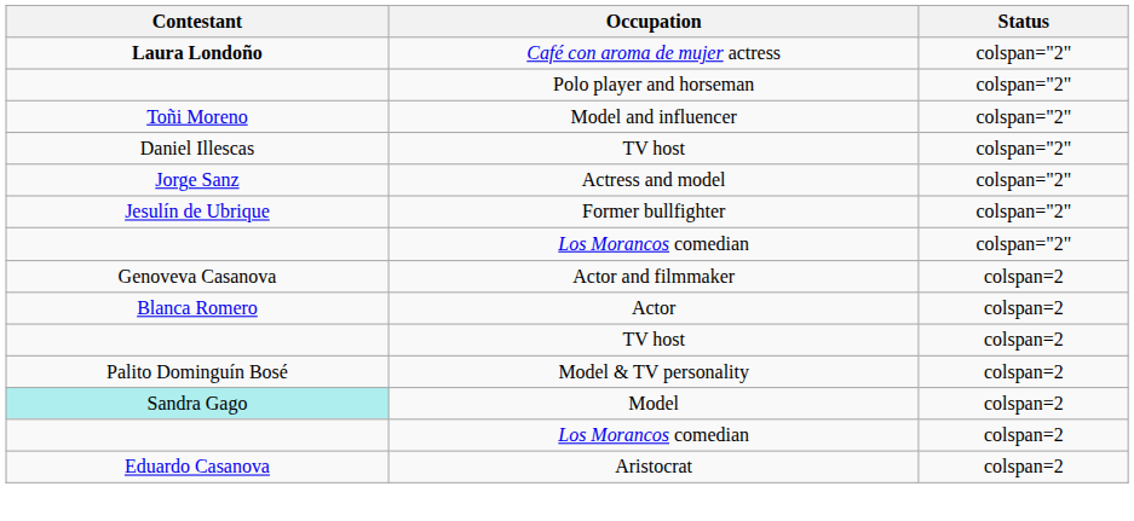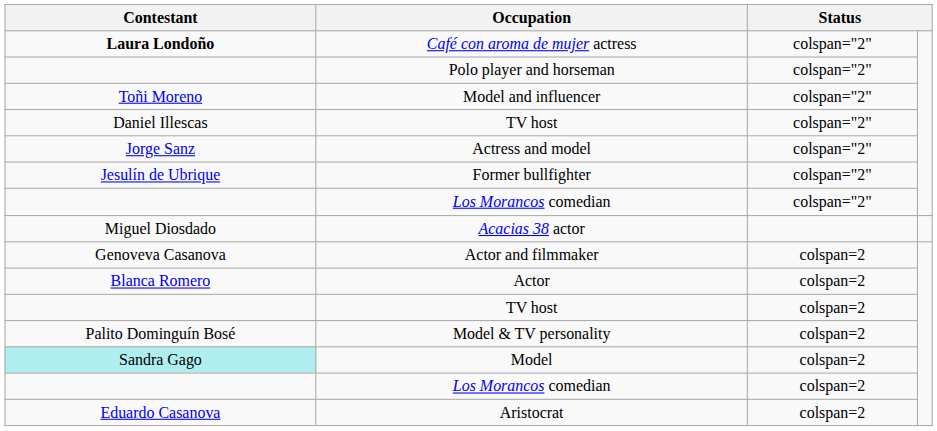 <table class="wikitable" style="margin:auto; text-align:center; width:70%; font-size:95%">
 <tr>
 <th>Contestant</th>
 <th>Occupation</th>
 <th colspan=2>Status</th>
 </tr>
 <tr>
 <td><strong>Laura Londoño</strong></td>
 <td><em><a href='#'>Café con aroma de mujer</a></em> actress</td>
 <td>colspan="2" </td>
 </tr>
 <tr>
 <td></td>
 <td>Polo player and horseman</td>
 <td>colspan="2" </td>
 </tr>
 <tr>
 <td><a href='#'>Toñi Moreno</a></td>
 <td>Model and influencer</td>
 <td>colspan="2" </td>
 </tr>
 <tr>
 <td>Daniel Illescas</td>
 <td>TV host</td>
 <td>colspan="2" </td>
 </tr>
 <tr>
 <td><a href='#'>Jorge Sanz</a></td>
 <td>Actress and model</td>
 <td>colspan="2" </td>
 </tr>
 <tr>
 <td><a href='#'>Jesulín de Ubrique</a></td>
 <td>Former bullfighter</td>
 <td>colspan="2" </td>
 </tr>
 <tr>
 <td></td>
 <td><em><a href='#'>Los Morancos</a></em> comedian</td>
 <td>colspan="2" </td>
 </tr>
 <tr>
+<td>Miguel Diosdado</td>
+<td><em><a href='#'>Acacias 38</a></em> actor</td>
+<td></td>
+<td></td>
+</tr>
+<tr>
 <td>Genoveva Casanova</td>
 <td>Actor and filmmaker</td>
 <td>colspan=2 </td>
 </tr>
 <tr>
 <td><a href='#'>Blanca Romero</a></td>
 <td>Actor</td>
 <td>colspan=2 </td>
 </tr>
 <tr>
 <td></td>
 <td>TV host</td>
 <td>colspan=2 </td>
 </tr>
 <tr>
 <td>Palito Dominguín Bosé</td>
 <td>Model & TV personality</td>
 <td>colspan=2 </td>
 </tr>
 <tr>
 <td style="background: paleturquoise;">Sandra Gago</td>
 <td>Model</td>
 <td>colspan=2 </td>
 </tr>
 <tr>
 <td></td>
 <td><em><a href='#'>Los Morancos</a></em> comedian</td>
 <td>colspan=2 </td>
 </tr>
 <tr>
 <td><a href='#'>Eduardo Casanova</a></td>
 <td>Aristocrat</td>
 <td>colspan=2 </td>
 </tr>
 </table>
